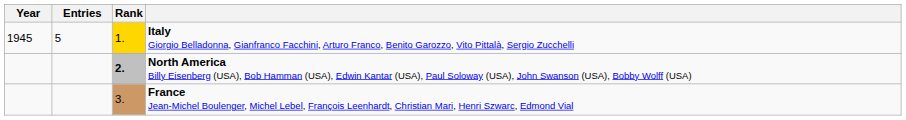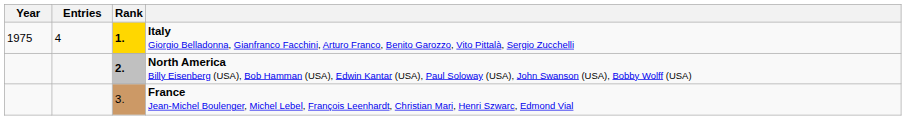 <table class="wikitable" style="width:100%;">
 <tr>
 <th>Year</th>
 <th>Entries</th>
 <th>Rank</th>
 <th></th>
 </tr>
 <tr>
-<td width=60>1945</td>
-<td>5</td>
-<td style="background:gold; width:30px;">1.</td>
+<td width=60>1975</td>
+<td>4</td>
+<td style="background:gold; width:30px;"><strong>1.</strong></td>
 <td> <strong>Italy</strong><br><small><a href='#'>Giorgio Belladonna</a>, <a href='#'>Gianfranco Facchini</a>, <a href='#'>Arturo Franco</a>, <a href='#'>Benito Garozzo</a>, <a href='#'>Vito Pittalà</a>, <a href='#'>Sergio Zucchelli</a></small></td>
 </tr>
 <tr>
 <td></td>
 <td></td>
 <td style="background:silver;"><strong>2.</strong></td>
 <td> <strong>North America</strong><br><small><a href='#'>Billy Eisenberg</a> (USA), <a href='#'>Bob Hamman</a> (USA), <a href='#'>Edwin Kantar</a> (USA), <a href='#'>Paul Soloway</a> (USA), <a href='#'>John Swanson</a> (USA), <a href='#'>Bobby Wolff</a> (USA)</small></td>
 </tr>
 <tr>
 <td></td>
 <td></td>
 <td style="background:#c96;">3.</td>
 <td> <strong>France</strong><br><small><a href='#'>Jean-Michel Boulenger</a>, <a href='#'>Michel Lebel</a>, <a href='#'>François Leenhardt</a>, <a href='#'>Christian Mari</a>, <a href='#'>Henri Szwarc</a>, <a href='#'>Edmond Vial</a></small></td>
 </tr>
 </table>
